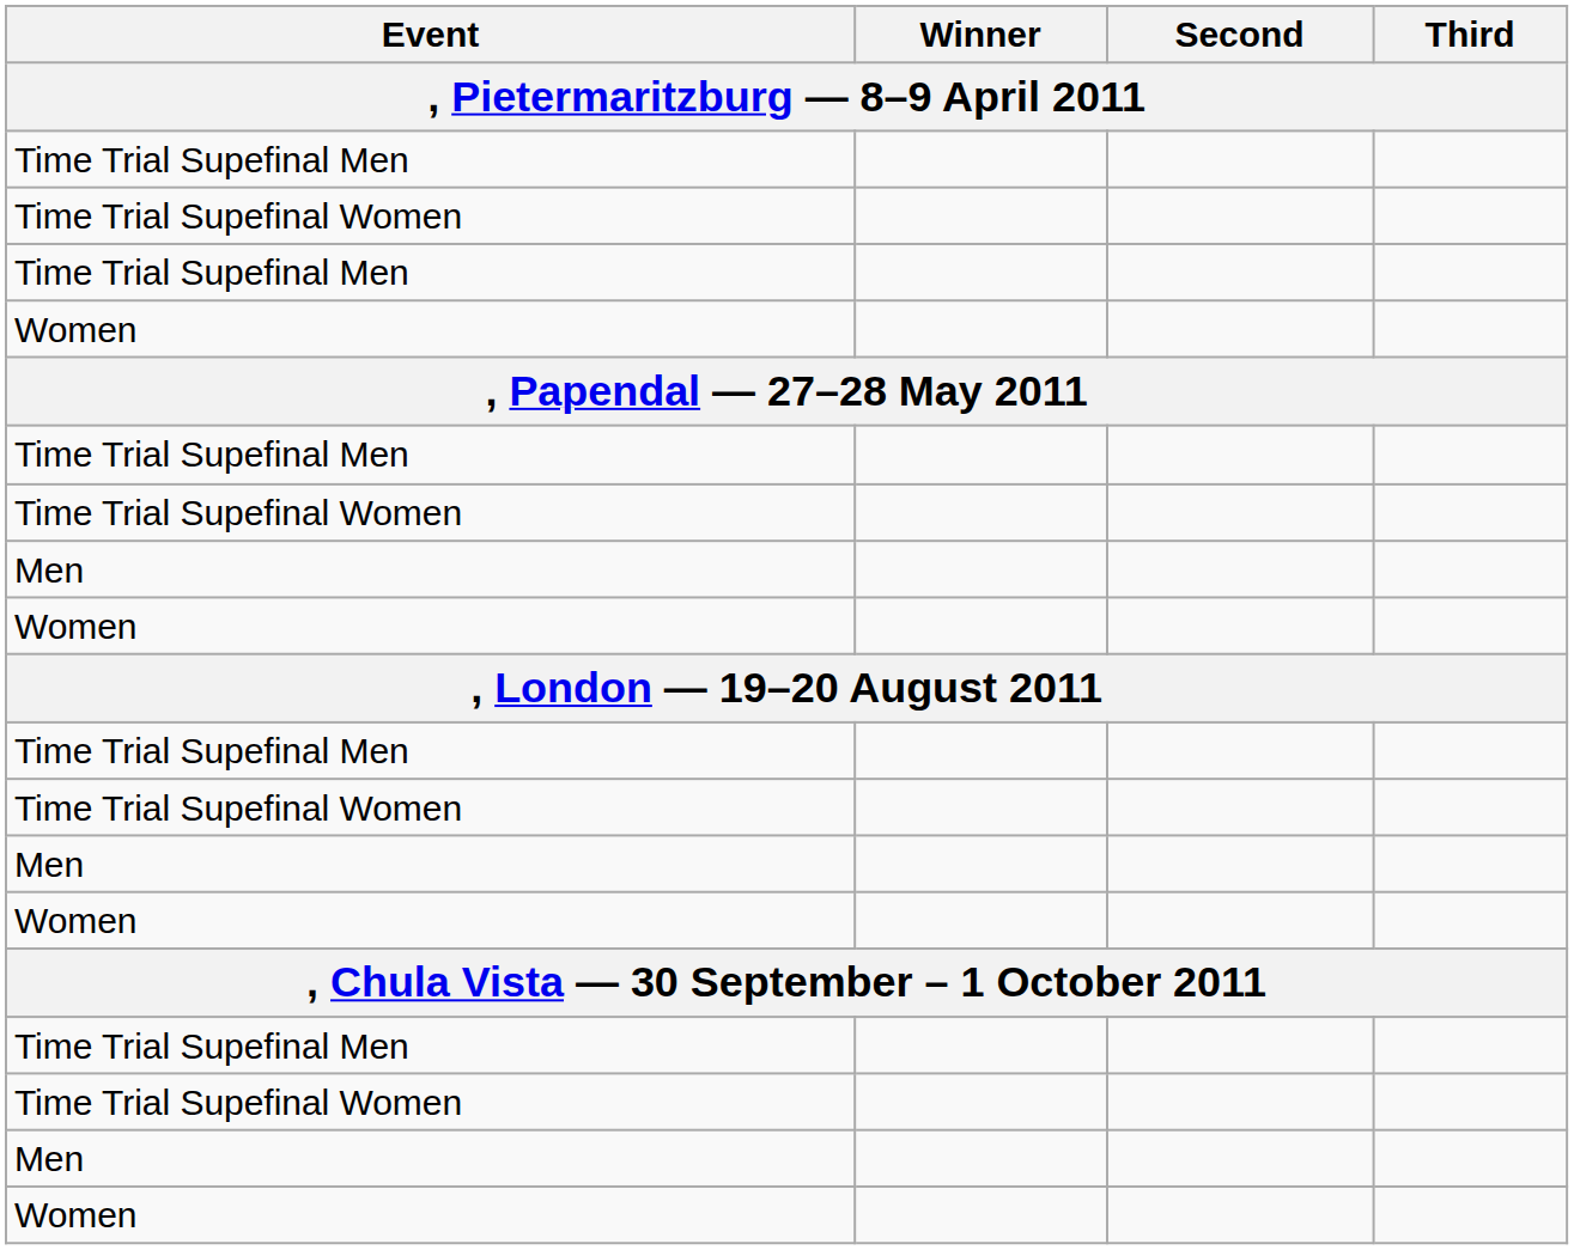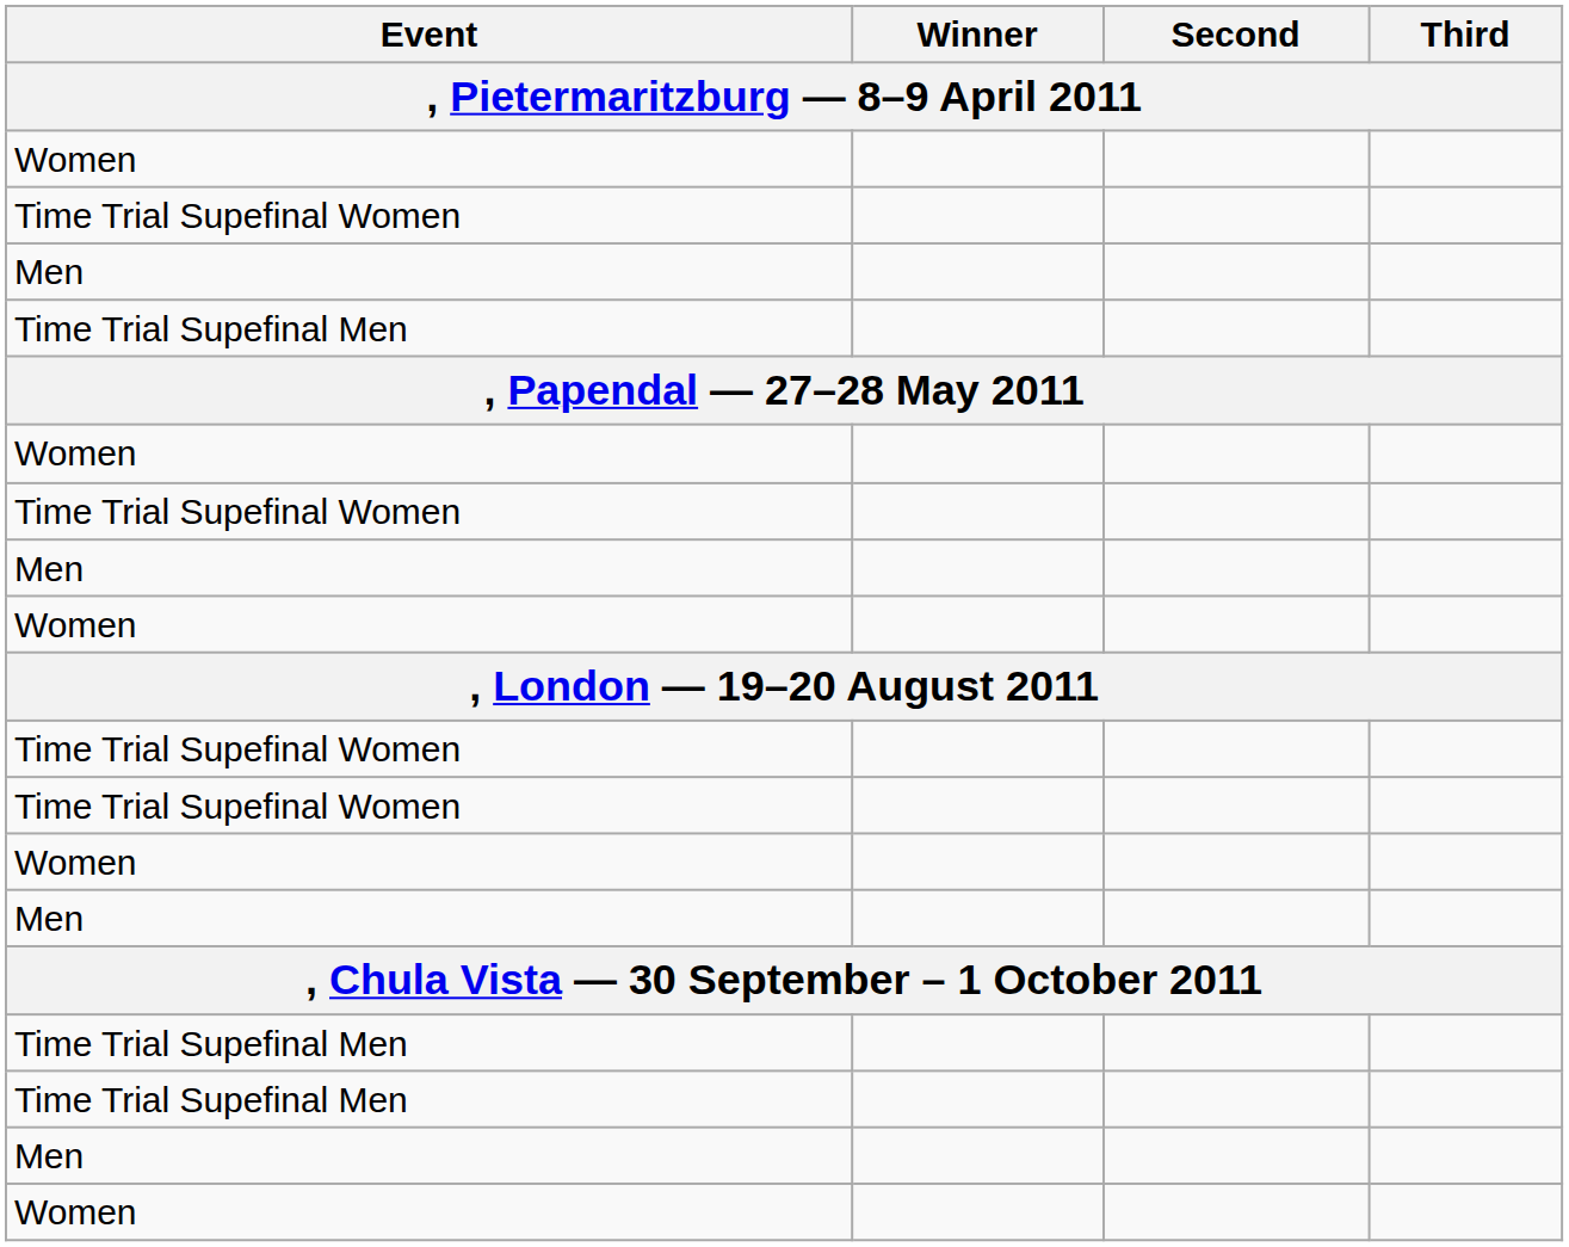 <table class="wikitable"  style="font-size:95%; width:75%;">
 <tr>
 <th>Event</th>
 <th>Winner</th>
 <th>Second</th>
 <th>Third</th>
 </tr>
 <tr>
 <th colspan=4><big>, <a href='#'>Pietermaritzburg</a> — 8–9 April 2011</big></th>
 </tr>
 <tr>
-<td>Time Trial Supefinal Men</td>
+<td>Women</td>
 <td></td>
 <td></td>
 <td></td>
 </tr>
 <tr>
 <td>Time Trial Supefinal Women</td>
 <td></td>
 <td></td>
 <td></td>
 </tr>
 <tr>
-<td>Time Trial Supefinal Men</td>
+<td>Men</td>
 <td></td>
 <td></td>
 <td></td>
 </tr>
 <tr>
-<td>Women</td>
+<td>Time Trial Supefinal Men</td>
 <td></td>
 <td></td>
 <td></td>
 </tr>
 <tr>
 <th colspan=4><big>, <a href='#'>Papendal</a> — 27–28 May 2011</big></th>
 </tr>
 <tr>
-<td>Time Trial Supefinal Men</td>
+<td>Women</td>
 <td></td>
 <td></td>
 <td></td>
 </tr>
 <tr>
 <td>Time Trial Supefinal Women</td>
 <td></td>
 <td></td>
 <td></td>
 </tr>
 <tr>
 <td>Men</td>
 <td></td>
 <td></td>
 <td></td>
 </tr>
 <tr>
 <td>Women</td>
 <td></td>
 <td></td>
 <td></td>
 </tr>
 <tr>
 <th colspan=4><big>, <a href='#'>London</a> — 19–20 August 2011</big></th>
 </tr>
 <tr>
-<td>Time Trial Supefinal Men</td>
+<td>Time Trial Supefinal Women</td>
 <td></td>
 <td></td>
 <td></td>
 </tr>
 <tr>
 <td>Time Trial Supefinal Women</td>
 <td></td>
 <td></td>
 <td></td>
 </tr>
 <tr>
-<td>Men</td>
+<td>Women</td>
 <td></td>
 <td></td>
 <td></td>
 </tr>
 <tr>
-<td>Women</td>
+<td>Men</td>
 <td></td>
 <td></td>
 <td></td>
 </tr>
 <tr>
 <th colspan=4><big>, <a href='#'>Chula Vista</a> — 30 September – 1 October 2011</big></th>
 </tr>
 <tr>
 <td>Time Trial Supefinal Men</td>
 <td></td>
 <td></td>
 <td></td>
 </tr>
 <tr>
-<td>Time Trial Supefinal Women</td>
+<td>Time Trial Supefinal Men</td>
 <td></td>
 <td></td>
 <td></td>
 </tr>
 <tr>
 <td>Men</td>
 <td></td>
 <td></td>
 <td></td>
 </tr>
 <tr>
 <td>Women</td>
 <td></td>
 <td></td>
 <td></td>
 </tr>
 </table>
